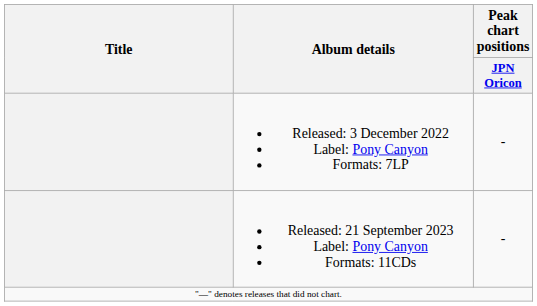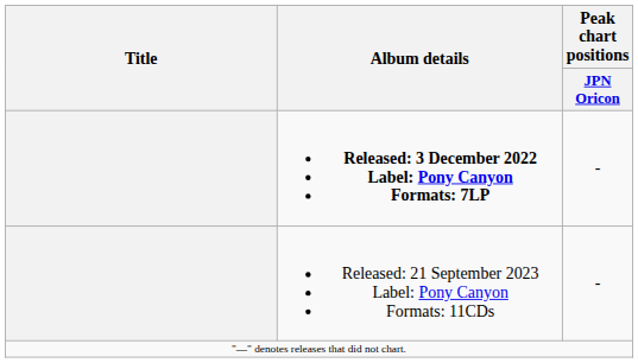 <table class="wikitable plainrowheaders" style="text-align:center;">
 <tr>
 <th scope="col" rowspan="2" style="width:19em;">Title</th>
 <th scope="col" rowspan="2" style="width:19em;">Album details</th>
 <th scope="col">Peak<br>chart<br>positions</th>
 </tr>
 <tr>
 <th scope="col" style="width:2.9em;font-size:90%;"><a href='#'>JPN<br>Oricon</a><br></th>
 </tr>
 <tr>
 <th scope="row"></th>
-<td><br><ul><li>Released: 3 December 2022</li><li>Label: <a href='#'>Pony Canyon</a></li><li>Formats:  7LP</li></ul></td>
+<td><strong><br><ul><li>Released: 3 December 2022</li><li>Label: <a href='#'>Pony Canyon</a></li><li>Formats:  7LP</li></ul></strong></td>
 <td>-</td>
 </tr>
 <tr>
 <th scope="row"></th>
 <td><br><ul><li>Released: 21 September 2023</li><li>Label: <a href='#'>Pony Canyon</a></li><li>Formats: 11CDs</li></ul></td>
 <td>-</td>
 </tr>
 <tr>
 <td align="center" colspan="4" style="font-size: 8pt">"—" denotes releases that did not chart.</td>
 </tr>
 </table>
